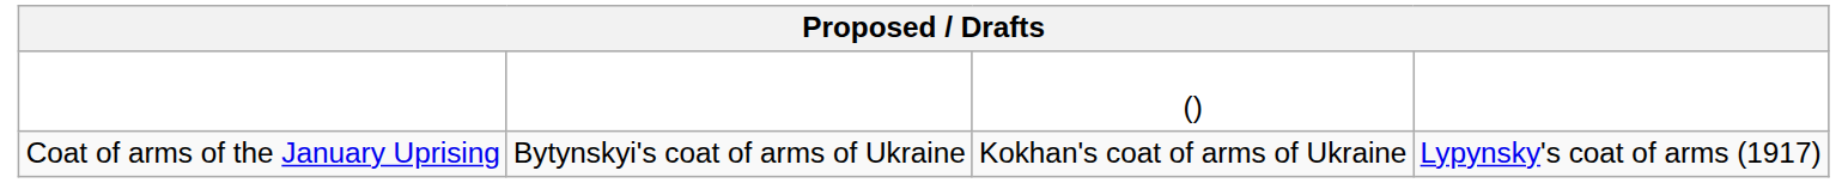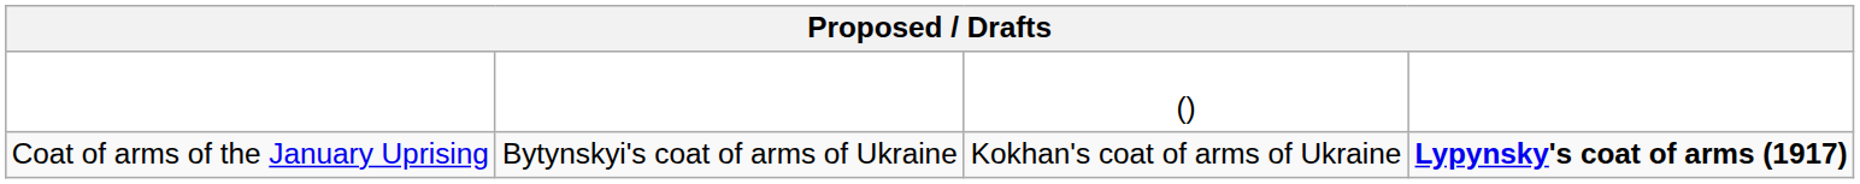 <table class="wikitable" style="margin:0.3em auto">
 <tr>
 <th class="hintergrundfarbe8" colspan="5">Proposed / Drafts</th>
 </tr>
 <tr align="center" bgcolor="#FFFFFF">
 <td></td>
 <td></td>
 <td><br> ()</td>
 <td></td>
 </tr>
 <tr class="hintergrundfarbe8" align="center">
 <td>Coat of arms of the <a href='#'>January Uprising</a></td>
 <td>Bytynskyi's coat of arms of Ukraine</td>
 <td>Kokhan's coat of arms of Ukraine</td>
-<td><a href='#'>Lypynsky</a>'s coat of arms (1917)</td>
+<td><strong><a href='#'>Lypynsky</a>'s coat of arms (1917)</strong></td>
 </tr>
 </table>
